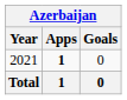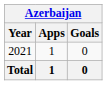 <table class="wikitable" style="text-align:center">
 <tr>
 <th colspan=3><a href='#'>Azerbaijan</a></th>
 </tr>
 <tr>
 <th>Year</th>
 <th>Apps</th>
 <th>Goals</th>
 </tr>
 <tr>
 <td>2021</td>
-<td><strong>1</strong></td>
+<td>1</td>
 <td>0</td>
 </tr>
 <tr>
 <th>Total</th>
 <th>1</th>
 <th>0</th>
 </tr>
 </table>
